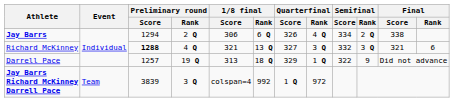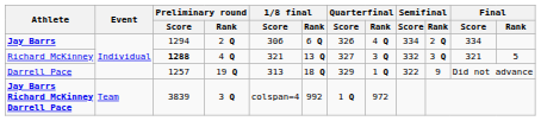 <table class=wikitable style=font-size:90%;text-align:center>
 <tr>
 <th rowspan=2>Athlete</th>
 <th rowspan=2>Event</th>
 <th colspan=2>Preliminary round</th>
 <th colspan=2>1/8 final</th>
 <th colspan=2>Quarterfinal</th>
 <th colspan=2>Semifinal</th>
 <th colspan=2>Final</th>
 </tr>
 <tr style=font-size:95%>
 <th>Score</th>
 <th>Rank</th>
 <th>Score</th>
 <th>Rank</th>
 <th>Score</th>
 <th>Rank</th>
 <th>Score</th>
 <th>Rank</th>
 <th>Score</th>
 <th>Rank</th>
 </tr>
 <tr>
 <td align=left><strong><a href='#'>Jay Barrs</a></strong></td>
 <td align=left rowspan=3><a href='#'>Individual</a></td>
 <td>1294</td>
 <td>2 <strong>Q</strong></td>
 <td>306</td>
 <td>6 <strong>Q</strong></td>
 <td>326</td>
 <td>4 <strong>Q</strong></td>
 <td>334</td>
 <td>2 <strong>Q</strong></td>
-<td>338</td>
+<td>334</td>
 <td></td>
 </tr>
 <tr>
 <td align=left><a href='#'>Richard McKinney</a></td>
 <td><strong>1288</strong></td>
 <td>4 <strong>Q</strong></td>
 <td>321</td>
 <td>13 <strong>Q</strong></td>
 <td>327</td>
 <td>3 <strong>Q</strong></td>
 <td>332</td>
 <td>3 <strong>Q</strong></td>
 <td>321</td>
-<td>6</td>
+<td>5</td>
 </tr>
 <tr>
 <td align=left><a href='#'>Darrell Pace</a></td>
 <td>1257</td>
 <td>19 <strong>Q</strong></td>
 <td>313</td>
 <td>18 <strong>Q</strong></td>
 <td>329</td>
 <td>1 <strong>Q</strong></td>
 <td>322</td>
 <td>9</td>
 <td colspan=2>Did not advance</td>
 </tr>
 <tr>
 <td align=left><strong><a href='#'>Jay Barrs</a><br><a href='#'>Richard McKinney</a><br><a href='#'>Darrell Pace</a></strong></td>
 <td align=left><a href='#'>Team</a></td>
 <td>3839</td>
 <td>3 <strong>Q</strong></td>
 <td>colspan=4 </td>
 <td>992</td>
 <td>1 <strong>Q</strong></td>
 <td>972</td>
 <td></td>
 </tr>
 </table>
